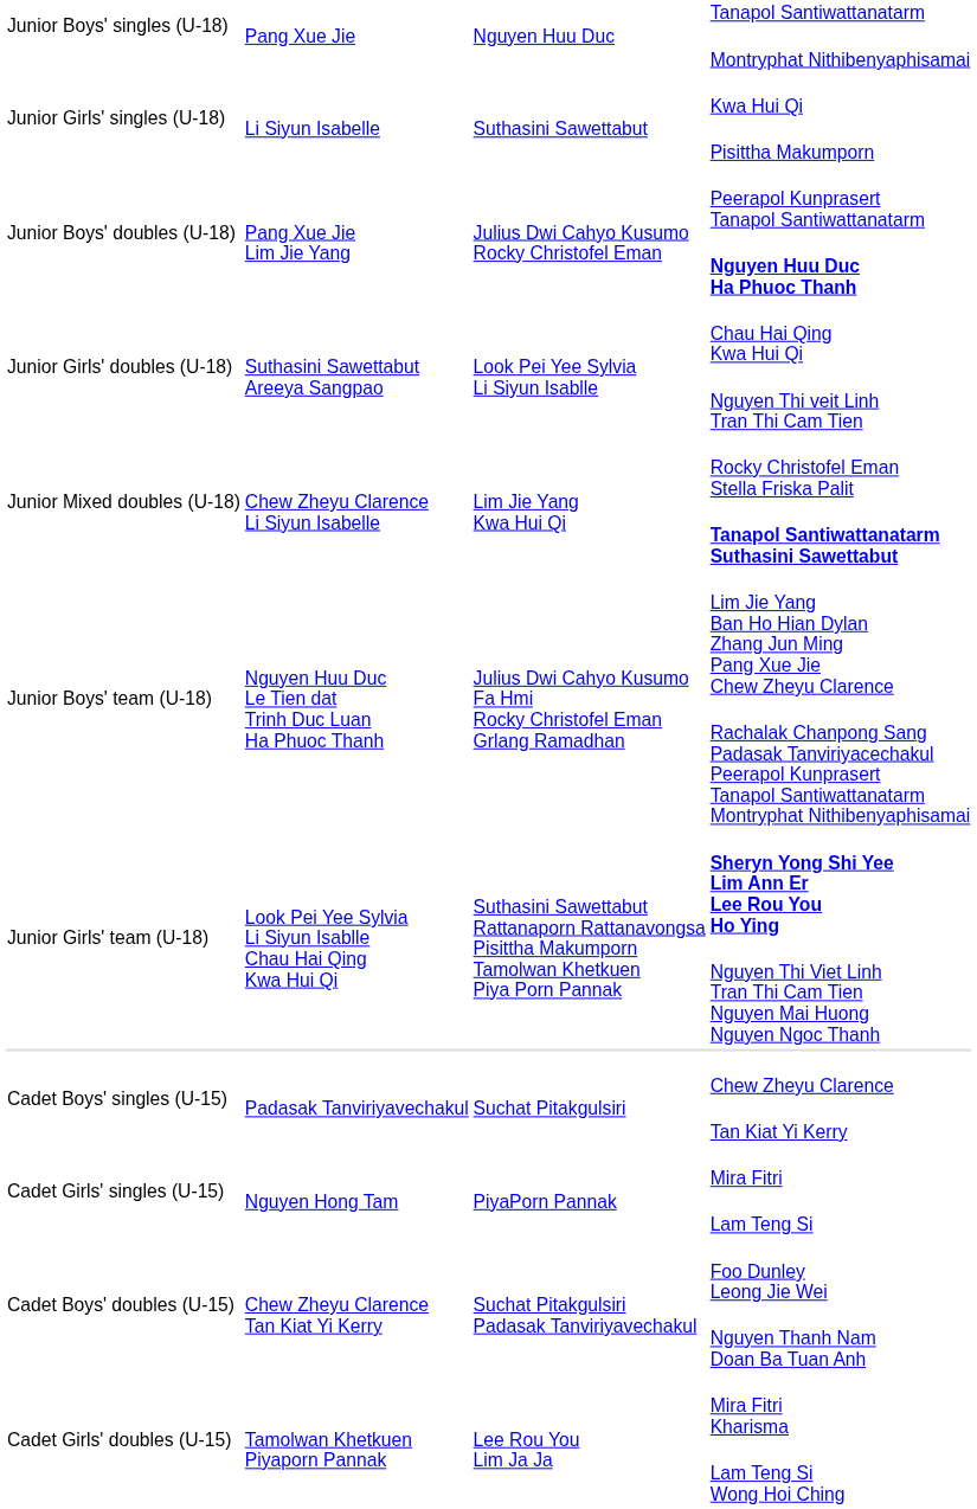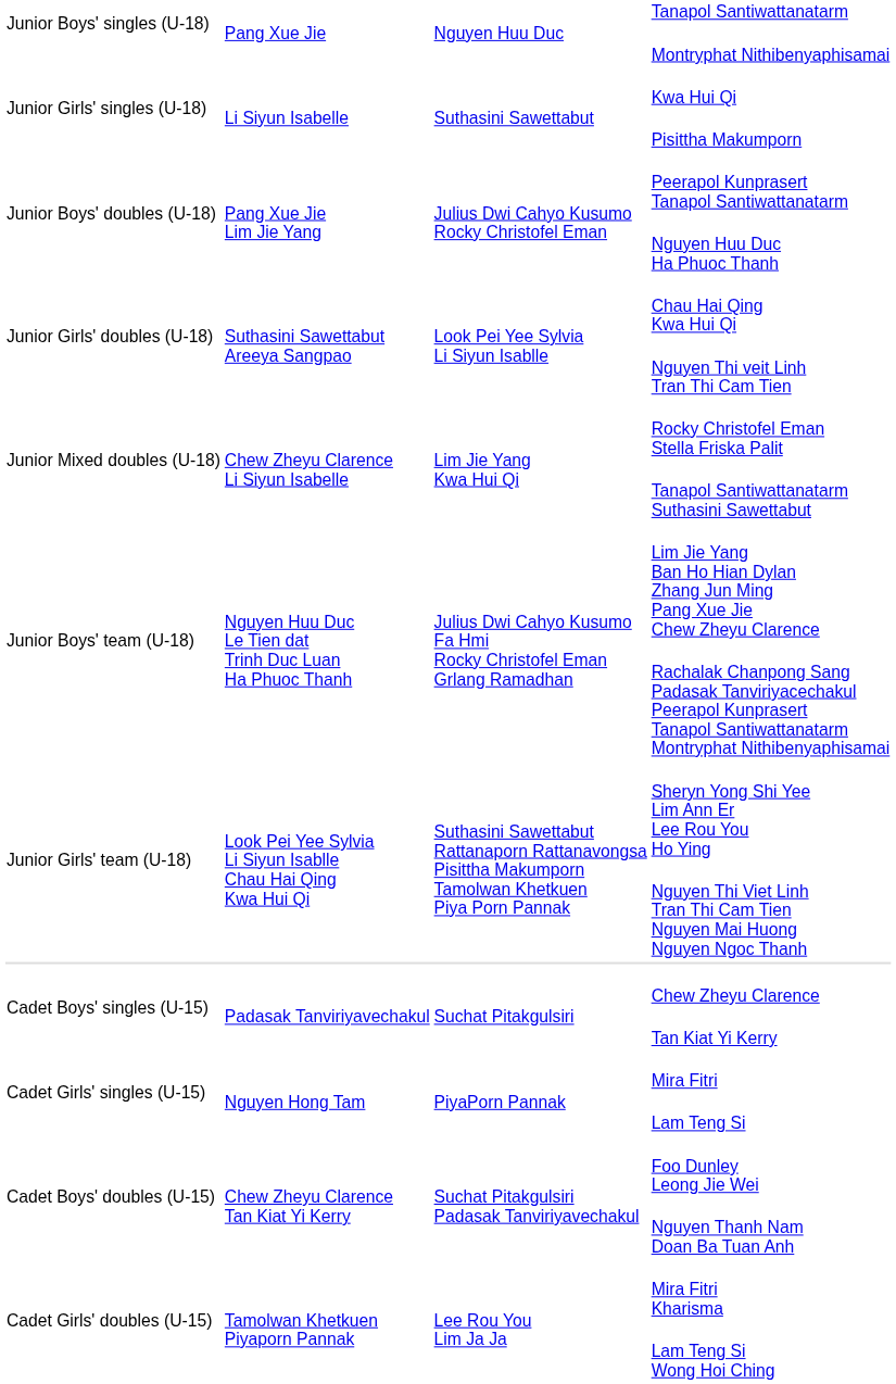 <table>
 <tr>
 <td rowspan=2>Junior Boys' singles (U-18)</td>
 <td rowspan=2><br><a href='#'>Pang Xue Jie</a></td>
 <td rowspan=2><br><a href='#'>Nguyen Huu Duc</a></td>
 <td><br><a href='#'>Tanapol Santiwattanatarm</a></td>
 </tr>
 <tr>
 <td><br><a href='#'>Montryphat Nithibenyaphisamai</a></td>
 </tr>
 <tr>
 <td rowspan=2>Junior Girls' singles (U-18)</td>
 <td rowspan=2><br><a href='#'>Li Siyun Isabelle</a></td>
 <td rowspan=2><br><a href='#'>Suthasini Sawettabut</a></td>
 <td><br><a href='#'>Kwa Hui Qi</a></td>
 </tr>
 <tr>
 <td><br><a href='#'>Pisittha Makumporn</a></td>
 </tr>
 <tr>
 <td rowspan=2>Junior Boys' doubles (U-18)</td>
 <td rowspan=2><br><a href='#'>Pang Xue Jie</a><br><a href='#'>Lim Jie Yang</a></td>
 <td rowspan=2><br><a href='#'>Julius Dwi Cahyo Kusumo</a><br><a href='#'>Rocky Christofel Eman</a></td>
 <td><br><a href='#'>Peerapol Kunprasert</a><br><a href='#'>Tanapol Santiwattanatarm</a></td>
 </tr>
 <tr>
-<td><strong><br><a href='#'>Nguyen Huu Duc</a><br><a href='#'>Ha Phuoc Thanh</a></strong></td>
+<td><br><a href='#'>Nguyen Huu Duc</a><br><a href='#'>Ha Phuoc Thanh</a></td>
 </tr>
 <tr>
 <td rowspan=2>Junior Girls' doubles (U-18)</td>
 <td rowspan=2><br><a href='#'>Suthasini Sawettabut</a><br><a href='#'>Areeya Sangpao</a></td>
 <td rowspan=2><br><a href='#'>Look Pei Yee Sylvia</a><br><a href='#'>Li Siyun Isablle</a></td>
 <td><br><a href='#'>Chau Hai Qing</a><br><a href='#'>Kwa Hui Qi</a></td>
 </tr>
 <tr>
 <td><br><a href='#'>Nguyen Thi veit Linh</a><br><a href='#'>Tran Thi Cam Tien</a></td>
 </tr>
 <tr>
 <td rowspan=2>Junior Mixed doubles (U-18)</td>
 <td rowspan=2><br><a href='#'>Chew Zheyu Clarence</a><br><a href='#'>Li Siyun Isabelle</a></td>
 <td rowspan=2><br><a href='#'>Lim Jie Yang</a><br><a href='#'>Kwa Hui Qi</a></td>
 <td><br><a href='#'>Rocky Christofel Eman</a><br><a href='#'>Stella Friska Palit</a></td>
 </tr>
 <tr>
-<td><strong><br><a href='#'>Tanapol Santiwattanatarm</a><br><a href='#'>Suthasini Sawettabut</a></strong></td>
+<td><br><a href='#'>Tanapol Santiwattanatarm</a><br><a href='#'>Suthasini Sawettabut</a></td>
 </tr>
 <tr>
 <td rowspan=2>Junior Boys' team (U-18)</td>
 <td rowspan=2><br><a href='#'>Nguyen Huu Duc</a><br><a href='#'>Le Tien dat</a><br><a href='#'>Trinh Duc Luan</a><br><a href='#'>Ha Phuoc Thanh</a></td>
 <td rowspan=2><br><a href='#'>Julius Dwi Cahyo Kusumo</a><br><a href='#'>Fa Hmi</a><br><a href='#'>Rocky Christofel Eman</a><br><a href='#'>Grlang Ramadhan</a></td>
 <td><br><a href='#'>Lim Jie Yang</a><br><a href='#'>Ban Ho Hian Dylan</a><br><a href='#'>Zhang Jun Ming</a><br><a href='#'>Pang Xue Jie</a><br><a href='#'>Chew Zheyu Clarence</a></td>
 </tr>
 <tr>
 <td><br><a href='#'>Rachalak Chanpong Sang</a><br><a href='#'>Padasak Tanviriyacechakul</a><br><a href='#'>Peerapol Kunprasert</a><br><a href='#'>Tanapol Santiwattanatarm</a><br><a href='#'>Montryphat Nithibenyaphisamai</a></td>
 </tr>
 <tr>
 <td rowspan=2>Junior Girls' team (U-18)</td>
 <td rowspan=2><br><a href='#'>Look Pei Yee Sylvia</a><br><a href='#'>Li Siyun Isablle</a><br><a href='#'>Chau Hai Qing</a><br><a href='#'>Kwa Hui Qi</a></td>
 <td rowspan=2><br><a href='#'>Suthasini Sawettabut</a><br><a href='#'>Rattanaporn Rattanavongsa</a><br><a href='#'>Pisittha Makumporn</a><br><a href='#'>Tamolwan Khetkuen</a><br><a href='#'>Piya Porn Pannak</a></td>
-<td><strong><br><a href='#'>Sheryn Yong Shi Yee</a><br><a href='#'>Lim Ann Er</a><br><a href='#'>Lee Rou You</a><br><a href='#'>Ho Ying</a></strong></td>
+<td><br><a href='#'>Sheryn Yong Shi Yee</a><br><a href='#'>Lim Ann Er</a><br><a href='#'>Lee Rou You</a><br><a href='#'>Ho Ying</a></td>
 </tr>
 <tr>
 <td><br><a href='#'>Nguyen Thi Viet Linh</a><br><a href='#'>Tran Thi Cam Tien</a><br><a href='#'>Nguyen Mai Huong</a><br><a href='#'>Nguyen Ngoc Thanh</a></td>
 </tr>
 <tr style="background:#dddddd;">
 <td colspan=7></td>
 </tr>
 <tr>
 <td rowspan=2>Cadet Boys' singles (U-15)</td>
 <td rowspan=2><br><a href='#'>Padasak Tanviriyavechakul</a></td>
 <td rowspan=2><br><a href='#'>Suchat Pitakgulsiri</a></td>
 <td><br><a href='#'>Chew Zheyu Clarence</a></td>
 </tr>
 <tr>
 <td><br><a href='#'>Tan Kiat Yi Kerry</a></td>
 </tr>
 <tr>
 <td rowspan=2>Cadet Girls' singles (U-15)</td>
 <td rowspan=2><br><a href='#'>Nguyen Hong Tam</a></td>
 <td rowspan=2><br><a href='#'>PiyaPorn Pannak</a></td>
 <td><br><a href='#'>Mira Fitri</a></td>
 </tr>
 <tr>
 <td><br><a href='#'>Lam Teng Si</a></td>
 </tr>
 <tr>
 <td rowspan=2>Cadet Boys' doubles (U-15)</td>
 <td rowspan=2><br><a href='#'>Chew Zheyu Clarence</a><br><a href='#'>Tan Kiat Yi Kerry</a></td>
 <td rowspan=2><br><a href='#'>Suchat Pitakgulsiri</a><br><a href='#'>Padasak Tanviriyavechakul</a></td>
 <td><br><a href='#'>Foo Dunley</a><br><a href='#'>Leong Jie Wei</a></td>
 </tr>
 <tr>
 <td><br><a href='#'>Nguyen Thanh Nam</a><br><a href='#'>Doan Ba Tuan Anh</a></td>
 </tr>
 <tr>
 <td rowspan=2>Cadet Girls' doubles (U-15)</td>
 <td rowspan=2><br><a href='#'>Tamolwan Khetkuen</a><br><a href='#'>Piyaporn Pannak</a></td>
 <td rowspan=2><br><a href='#'>Lee Rou You</a><br><a href='#'>Lim Ja Ja</a></td>
 <td><br><a href='#'>Mira Fitri</a><br><a href='#'>Kharisma</a></td>
 </tr>
 <tr>
 <td><br><a href='#'>Lam Teng Si</a><br><a href='#'>Wong Hoi Ching</a></td>
 </tr>
 </table>
